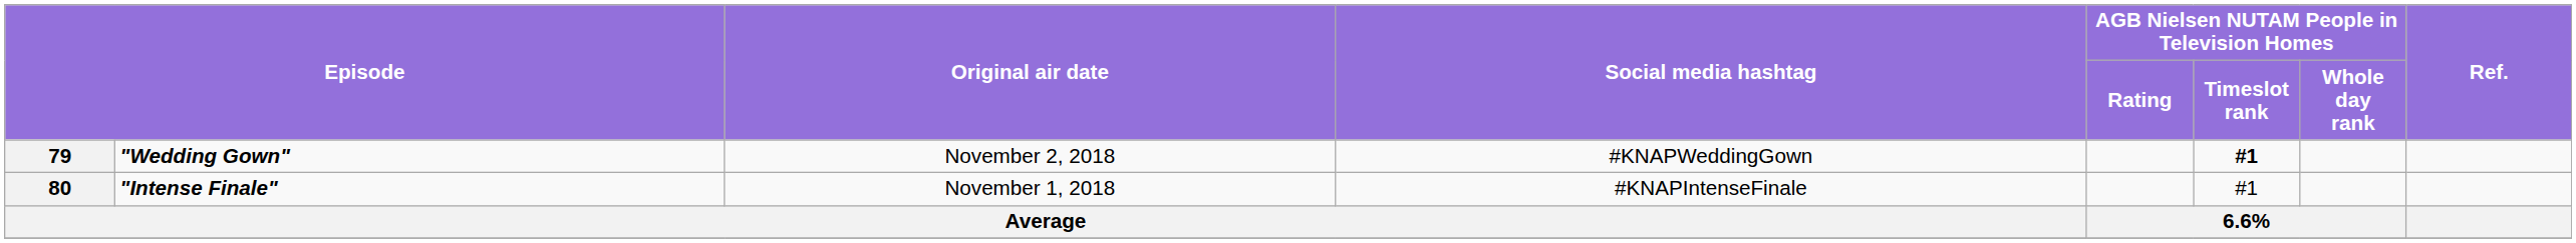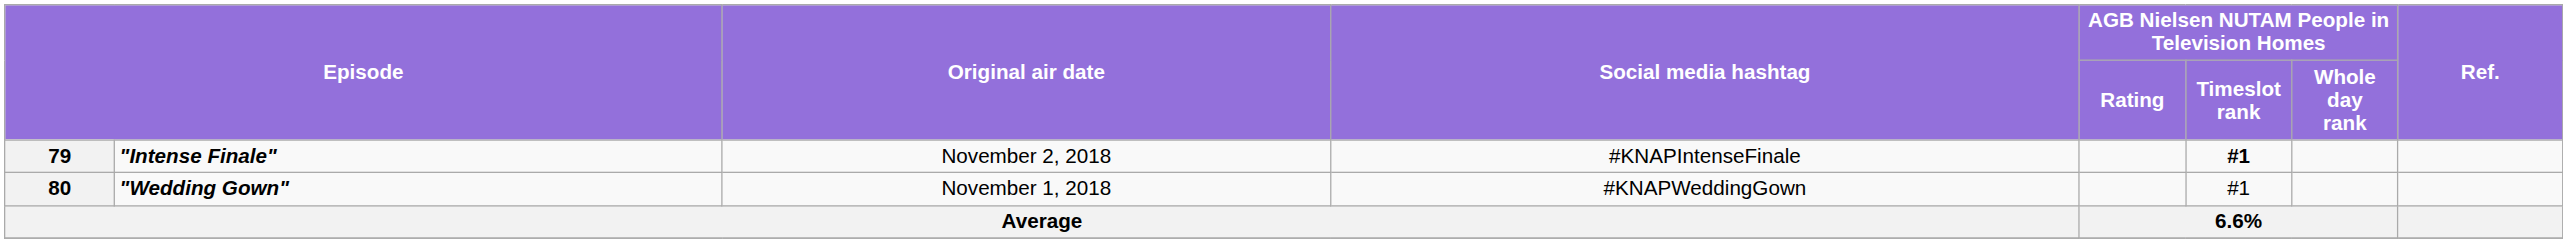 <table class="wikitable" style="text-align:center; font-size:100%; line-height:18px;" width="100%">
 <tr>
 <th style="background-color:#9370DB; color:#ffffff;" colspan="2" rowspan="2">Episode</th>
 <th style="background-color:#9370DB; color:white" rowspan="2">Original air date</th>
 <th style="background-color:#9370DB; color:white" rowspan="2">Social media hashtag</th>
 <th style="background-color:#9370DB; color:#ffffff;" colspan="3">AGB Nielsen NUTAM People in Television Homes</th>
 <th style="background-color:#9370DB;  color:#ffffff;" rowspan="2">Ref.</th>
 </tr>
 <tr>
 <th style="background-color:#9370DB; width:75px; color:#ffffff;">Rating</th>
 <th style="background-color:#9370DB;  width:75px; color:#ffffff;">Timeslot<br>rank</th>
 <th style="background-color:#9370DB; width:75px; color:#ffffff;">Whole day<br>rank</th>
 </tr>
 <tr>
 <th>79</th>
-<td style="text-align: left;"><strong><em>"Wedding Gown"</em></strong></td>
+<td style="text-align: left;"><strong><em>"Intense Finale"</em></strong></td>
 <td>November 2, 2018</td>
-<td>#KNAPWeddingGown</td>
+<td>#KNAPIntenseFinale</td>
 <td></td>
 <td><strong>#1</strong></td>
 <td></td>
 <td></td>
 </tr>
 <tr>
 <th>80</th>
-<td style="text-align: left;"><strong><em>"Intense Finale"</em></strong></td>
+<td style="text-align: left;"><strong><em>"Wedding Gown"</em></strong></td>
 <td>November 1, 2018</td>
-<td>#KNAPIntenseFinale</td>
+<td>#KNAPWeddingGown</td>
 <td></td>
 <td>#1</td>
 <td></td>
 <td></td>
 </tr>
 <tr>
 <th colspan="4">Average</th>
 <th colspan="3">6.6%</th>
 <th></th>
 </tr>
 <tr>
 </tr>
 </table>
